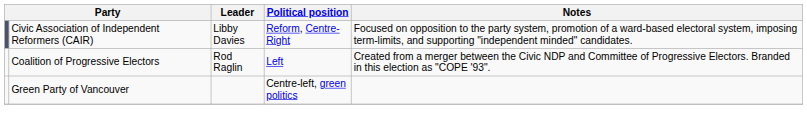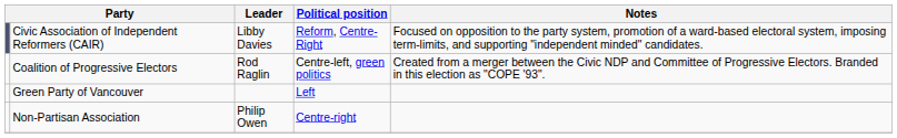 <table class="wikitable">
 <tr>
 <th colspan="2">Party</th>
 <th>Leader</th>
 <th><a href='#'>Political position</a></th>
 <th>Notes</th>
 </tr>
 <tr>
 <td style="background:#4C516D;"></td>
 <td>Civic Association of Independent Reformers (CAIR)</td>
 <td>Libby Davies</td>
 <td><a href='#'>Reform</a>, <a href='#'>Centre-Right</a></td>
 <td>Focused on opposition to the party system, promotion of a ward-based electoral system, imposing term-limits, and supporting "independent minded" candidates.</td>
 </tr>
 <tr>
 <td style="background:"></td>
 <td nowrap>Coalition of Progressive Electors</td>
 <td>Rod Raglin</td>
-<td><a href='#'>Left</a></td>
+<td>Centre-left, <a href='#'>green politics</a></td>
 <td>Created from a merger between the Civic NDP and Committee of Progressive Electors. Branded in this election as "COPE '93".</td>
 </tr>
 <tr>
 <td style="background:"></td>
 <td>Green Party of Vancouver</td>
 <td></td>
-<td>Centre-left, <a href='#'>green politics</a></td>
+<td><a href='#'>Left</a></td>
+<td></td>
+</tr>
+<tr>
+<td style="background:"></td>
+<td>Non-Partisan Association</td>
+<td>Philip Owen</td>
+<td><a href='#'>Centre-right</a></td>
 <td></td>
 </tr>
 <tr>
 </tr>
 </table>
